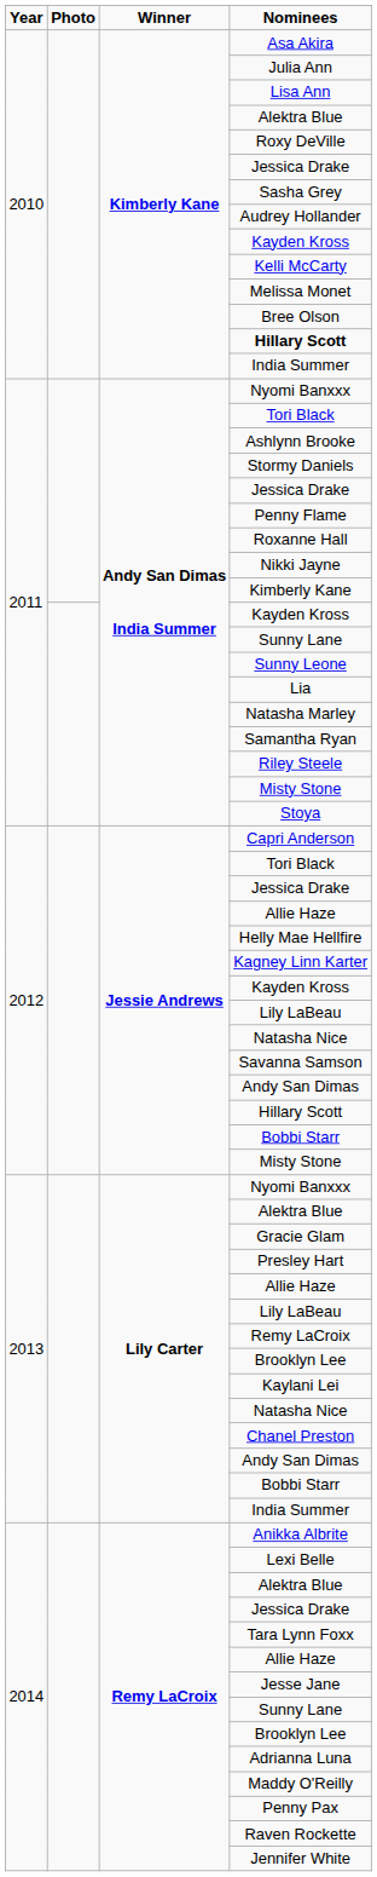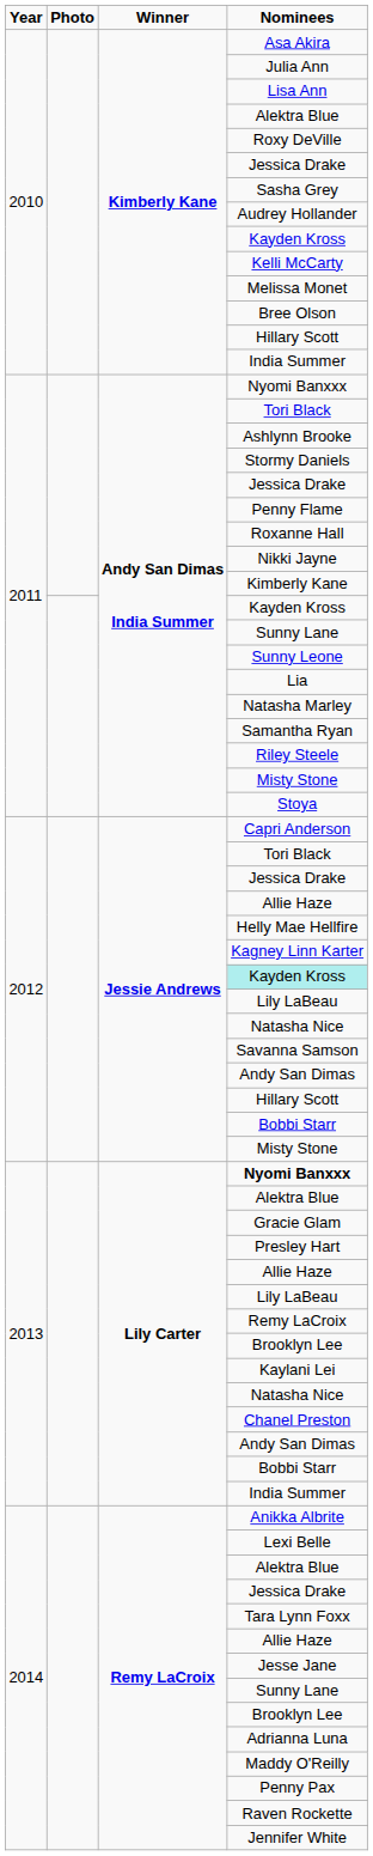 <table class=wikitable>
 <tr>
 <td align=center><strong>Year</strong></td>
 <td align=center><strong>Photo</strong></td>
 <td align=center><strong>Winner<br></strong></td>
 <td align=center><strong>Nominees<br></strong></td>
 </tr>
 <tr>
 <td rowspan=14>2010</td>
 <td rowspan=14 align=center></td>
 <td rowspan=14 align=center><strong><a href='#'>Kimberly Kane</a></strong><br></td>
 <td align=center><a href='#'>Asa Akira</a><br></td>
 </tr>
 <tr>
 <td align=center>Julia Ann<br></td>
 </tr>
 <tr>
 <td align=center><a href='#'>Lisa Ann</a><br></td>
 </tr>
 <tr>
 <td align=center>Alektra Blue<br></td>
 </tr>
 <tr>
 <td align=center>Roxy DeVille<br></td>
 </tr>
 <tr>
 <td align=center>Jessica Drake<br></td>
 </tr>
 <tr>
 <td align=center>Sasha Grey<br></td>
 </tr>
 <tr>
 <td align=center>Audrey Hollander<br></td>
 </tr>
 <tr>
 <td align=center><a href='#'>Kayden Kross</a><br></td>
 </tr>
 <tr>
 <td align=center><a href='#'>Kelli McCarty</a><br></td>
 </tr>
 <tr>
 <td align=center>Melissa Monet<br></td>
 </tr>
 <tr>
 <td align=center>Bree Olson<br></td>
 </tr>
 <tr>
-<td align=center><strong>Hillary Scott<br></strong></td>
+<td align=center>Hillary Scott<br></td>
 </tr>
 <tr>
 <td align=center>India Summer<br></td>
 </tr>
 <tr>
 <td rowspan=18>2011</td>
 <td rowspan=9></td>
 <td rowspan=18 align=center><strong>Andy San Dimas</strong><br><br><br><strong><a href='#'>India Summer</a></strong><br></td>
 <td align=center>Nyomi Banxxx<br></td>
 </tr>
 <tr>
 <td align=center><a href='#'>Tori Black</a><br></td>
 </tr>
 <tr>
 <td align=center>Ashlynn Brooke<br></td>
 </tr>
 <tr>
 <td align=center>Stormy Daniels<br></td>
 </tr>
 <tr>
 <td align=center>Jessica Drake<br></td>
 </tr>
 <tr>
 <td align=center>Penny Flame<br></td>
 </tr>
 <tr>
 <td align=center>Roxanne Hall<br></td>
 </tr>
 <tr>
 <td align=center>Nikki Jayne<br></td>
 </tr>
 <tr>
 <td align=center>Kimberly Kane<br></td>
 </tr>
 <tr>
 <td rowspan=9></td>
 <td align=center>Kayden Kross<br></td>
 </tr>
 <tr>
 <td align=center>Sunny Lane<br></td>
 </tr>
 <tr>
 <td align=center><a href='#'>Sunny Leone</a><br></td>
 </tr>
 <tr>
 <td align=center>Lia<br></td>
 </tr>
 <tr>
 <td align=center>Natasha Marley<br></td>
 </tr>
 <tr>
 <td align=center>Samantha Ryan<br></td>
 </tr>
 <tr>
 <td align=center><a href='#'>Riley Steele</a><br></td>
 </tr>
 <tr>
 <td align=center><a href='#'>Misty Stone</a><br></td>
 </tr>
 <tr>
 <td align=center><a href='#'>Stoya</a><br></td>
 </tr>
 <tr>
 <td rowspan=14>2012</td>
 <td rowspan=14 align=center></td>
 <td rowspan=14 align=center><strong><a href='#'>Jessie Andrews</a></strong><br></td>
 <td align=center><a href='#'>Capri Anderson</a><br></td>
 </tr>
 <tr>
 <td align=center>Tori Black<br></td>
 </tr>
 <tr>
 <td align=center>Jessica Drake<br></td>
 </tr>
 <tr>
 <td align=center>Allie Haze<br></td>
 </tr>
 <tr>
 <td align=center>Helly Mae Hellfire<br></td>
 </tr>
 <tr>
 <td align=center><a href='#'>Kagney Linn Karter</a><br></td>
 </tr>
 <tr>
-<td align=center>Kayden Kross<br></td>
+<td align=center style="background: paleturquoise;">Kayden Kross<br></td>
 </tr>
 <tr>
 <td align=center>Lily LaBeau<br></td>
 </tr>
 <tr>
 <td align=center>Natasha Nice<br></td>
 </tr>
 <tr>
 <td align=center>Savanna Samson<br></td>
 </tr>
 <tr>
 <td align=center>Andy San Dimas<br></td>
 </tr>
 <tr>
 <td align=center>Hillary Scott<br></td>
 </tr>
 <tr>
 <td align=center><a href='#'>Bobbi Starr</a><br></td>
 </tr>
 <tr>
 <td align=center>Misty Stone<br></td>
 </tr>
 <tr>
 <td rowspan=14>2013</td>
 <td rowspan=14 align=center></td>
 <td rowspan=14 align=center><strong>Lily Carter</strong><br></td>
-<td align=center>Nyomi Banxxx<br></td>
+<td align=center><strong>Nyomi Banxxx<br></strong></td>
 </tr>
 <tr>
 <td align=center>Alektra Blue<br></td>
 </tr>
 <tr>
 <td align=center>Gracie Glam<br></td>
 </tr>
 <tr>
 <td align=center>Presley Hart<br></td>
 </tr>
 <tr>
 <td align=center>Allie Haze<br></td>
 </tr>
 <tr>
 <td align=center>Lily LaBeau<br></td>
 </tr>
 <tr>
 <td align=center>Remy LaCroix<br></td>
 </tr>
 <tr>
 <td align=center>Brooklyn Lee<br></td>
 </tr>
 <tr>
 <td align=center>Kaylani Lei<br></td>
 </tr>
 <tr>
 <td align=center>Natasha Nice<br></td>
 </tr>
 <tr>
 <td align=center><a href='#'>Chanel Preston</a><br></td>
 </tr>
 <tr>
 <td align=center>Andy San Dimas<br></td>
 </tr>
 <tr>
 <td align=center>Bobbi Starr<br></td>
 </tr>
 <tr>
 <td align=center>India Summer<br></td>
 </tr>
 <tr>
 <td rowspan=14>2014</td>
 <td rowspan=14 align=center></td>
 <td rowspan=14 align=center><strong><a href='#'>Remy LaCroix</a></strong><br></td>
 <td align=center><a href='#'>Anikka Albrite</a><br></td>
 </tr>
 <tr>
 <td align=center>Lexi Belle<br></td>
 </tr>
 <tr>
 <td align=center>Alektra Blue<br></td>
 </tr>
 <tr>
 <td align=center>Jessica Drake<br></td>
 </tr>
 <tr>
 <td align=center>Tara Lynn Foxx<br></td>
 </tr>
 <tr>
 <td align=center>Allie Haze<br></td>
 </tr>
 <tr>
 <td align=center>Jesse Jane<br></td>
 </tr>
 <tr>
 <td align=center>Sunny Lane<br></td>
 </tr>
 <tr>
 <td align=center>Brooklyn Lee<br></td>
 </tr>
 <tr>
 <td align=center>Adrianna Luna<br></td>
 </tr>
 <tr>
 <td align=center>Maddy O'Reilly<br></td>
 </tr>
 <tr>
 <td align=center>Penny Pax<br></td>
 </tr>
 <tr>
 <td align=center>Raven Rockette<br></td>
 </tr>
 <tr>
 <td align=center>Jennifer White<br></td>
 </tr>
 </table>
